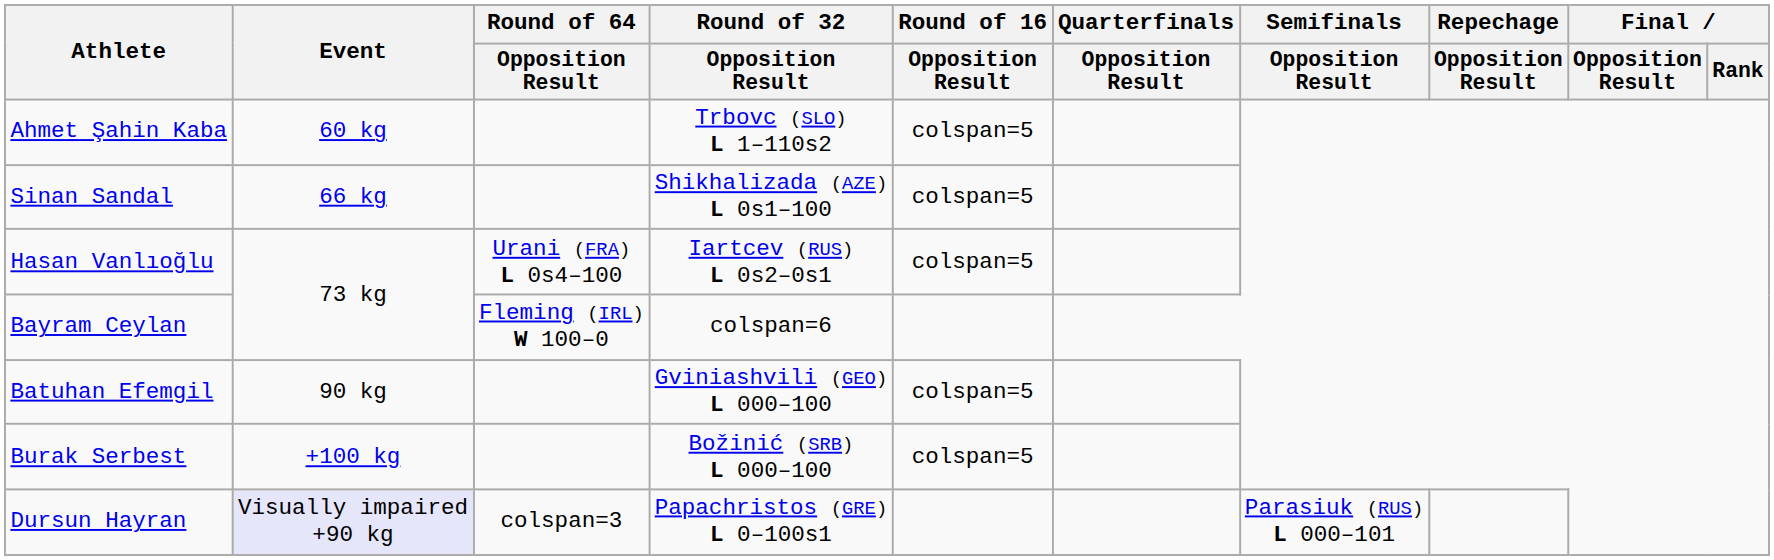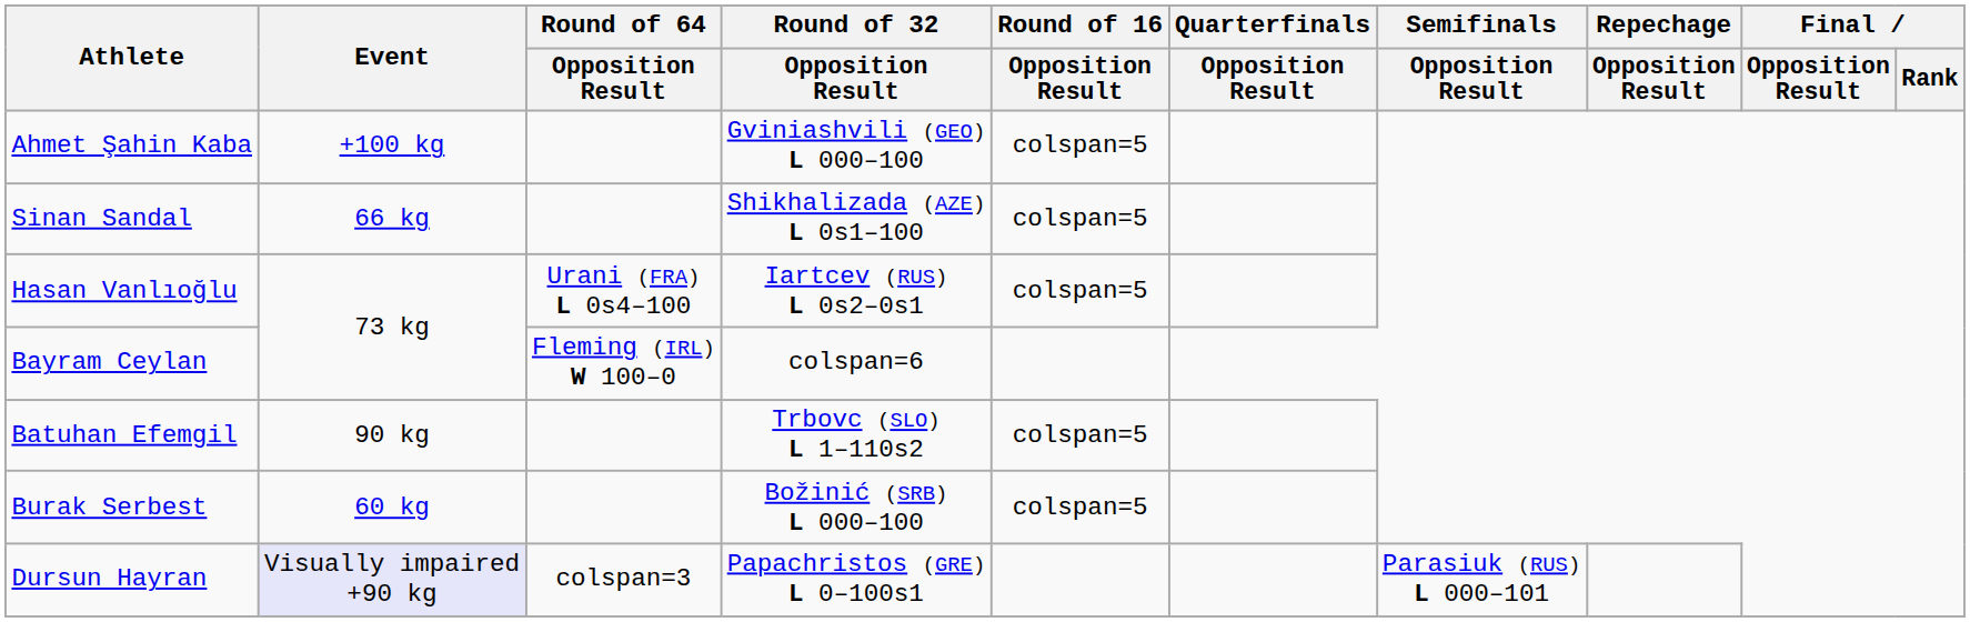 <table class="wikitable" style="font-size:90%">
 <tr>
 <th rowspan="2">Athlete</th>
 <th rowspan="2">Event</th>
 <th>Round of 64</th>
 <th>Round of 32</th>
 <th>Round of 16</th>
 <th>Quarterfinals</th>
 <th>Semifinals</th>
 <th>Repechage</th>
 <th colspan=2>Final / </th>
 </tr>
 <tr style="font-size:95%">
 <th>Opposition<br>Result</th>
 <th>Opposition<br>Result</th>
 <th>Opposition<br>Result</th>
 <th>Opposition<br>Result</th>
 <th>Opposition<br>Result</th>
 <th>Opposition<br>Result</th>
 <th>Opposition<br>Result</th>
 <th>Rank</th>
 </tr>
 <tr align=center>
 <td align=left><a href='#'>Ahmet Şahin Kaba</a></td>
-<td align=center><a href='#'>60 kg</a></td>
+<td align=center><a href='#'>+100 kg</a></td>
 <td></td>
-<td> <a href='#'>Trbovc</a> <small>(<a href='#'>SLO</a>)</small> <br><strong>L</strong> 1–110s2</td>
+<td> <a href='#'>Gviniashvili</a> <small>(<a href='#'>GEO</a>)</small> <br><strong>L</strong> 000–100</td>
 <td>colspan=5 </td>
 <td></td>
 </tr>
 <tr align=center>
 <td align=left><a href='#'>Sinan Sandal</a></td>
 <td align=center><a href='#'>66 kg</a></td>
 <td></td>
 <td> <a href='#'>Shikhalizada</a> <small>(<a href='#'>AZE</a>)</small> <br><strong>L</strong> 0s1–100</td>
 <td>colspan=5 </td>
 <td></td>
 </tr>
 <tr align=center>
 <td align=left><a href='#'>Hasan Vanlıoğlu</a></td>
 <td align=center rowspan=2>73 kg</td>
 <td> <a href='#'>Urani</a> <small>(<a href='#'>FRA</a>)</small> <br><strong>L</strong> 0s4–100</td>
 <td> <a href='#'>Iartcev</a> <small>(<a href='#'>RUS</a>)</small> <br><strong>L</strong> 0s2–0s1</td>
 <td>colspan=5 </td>
 <td></td>
 </tr>
 <tr align=center>
 <td align=left><a href='#'>Bayram Ceylan</a></td>
 <td> <a href='#'>Fleming</a> <small>(<a href='#'>IRL</a>)</small> <br><strong>W</strong> 100–0</td>
 <td>colspan=6 </td>
 <td></td>
 </tr>
 <tr align=center>
 <td align=left><a href='#'>Batuhan Efemgil</a></td>
 <td align=center>90 kg</td>
 <td></td>
-<td> <a href='#'>Gviniashvili</a> <small>(<a href='#'>GEO</a>)</small> <br><strong>L</strong> 000–100</td>
+<td> <a href='#'>Trbovc</a> <small>(<a href='#'>SLO</a>)</small> <br><strong>L</strong> 1–110s2</td>
 <td>colspan=5 </td>
 <td></td>
 </tr>
 <tr align=center>
 <td align=left><a href='#'>Burak Serbest</a></td>
-<td align=center><a href='#'>+100 kg</a></td>
+<td align=center><a href='#'>60 kg</a></td>
 <td></td>
 <td> <a href='#'>Božinić</a> <small>(<a href='#'>SRB</a>)</small> <br><strong>L</strong> 000–100</td>
 <td>colspan=5 </td>
 <td></td>
 </tr>
 <tr align=center>
 <td align=left><a href='#'>Dursun Hayran</a></td>
 <td align=center style="background: lavender;">Visually impaired<br>+90 kg</td>
 <td>colspan=3 </td>
 <td> <a href='#'>Papachristos</a> <small>(<a href='#'>GRE</a>)</small> <br><strong>L</strong> 0–100s1</td>
 <td></td>
 <td></td>
 <td> <a href='#'>Parasiuk</a> <small>(<a href='#'>RUS</a>)</small> <br><strong>L</strong> 000–101</td>
 <td></td>
 </tr>
 </table>
